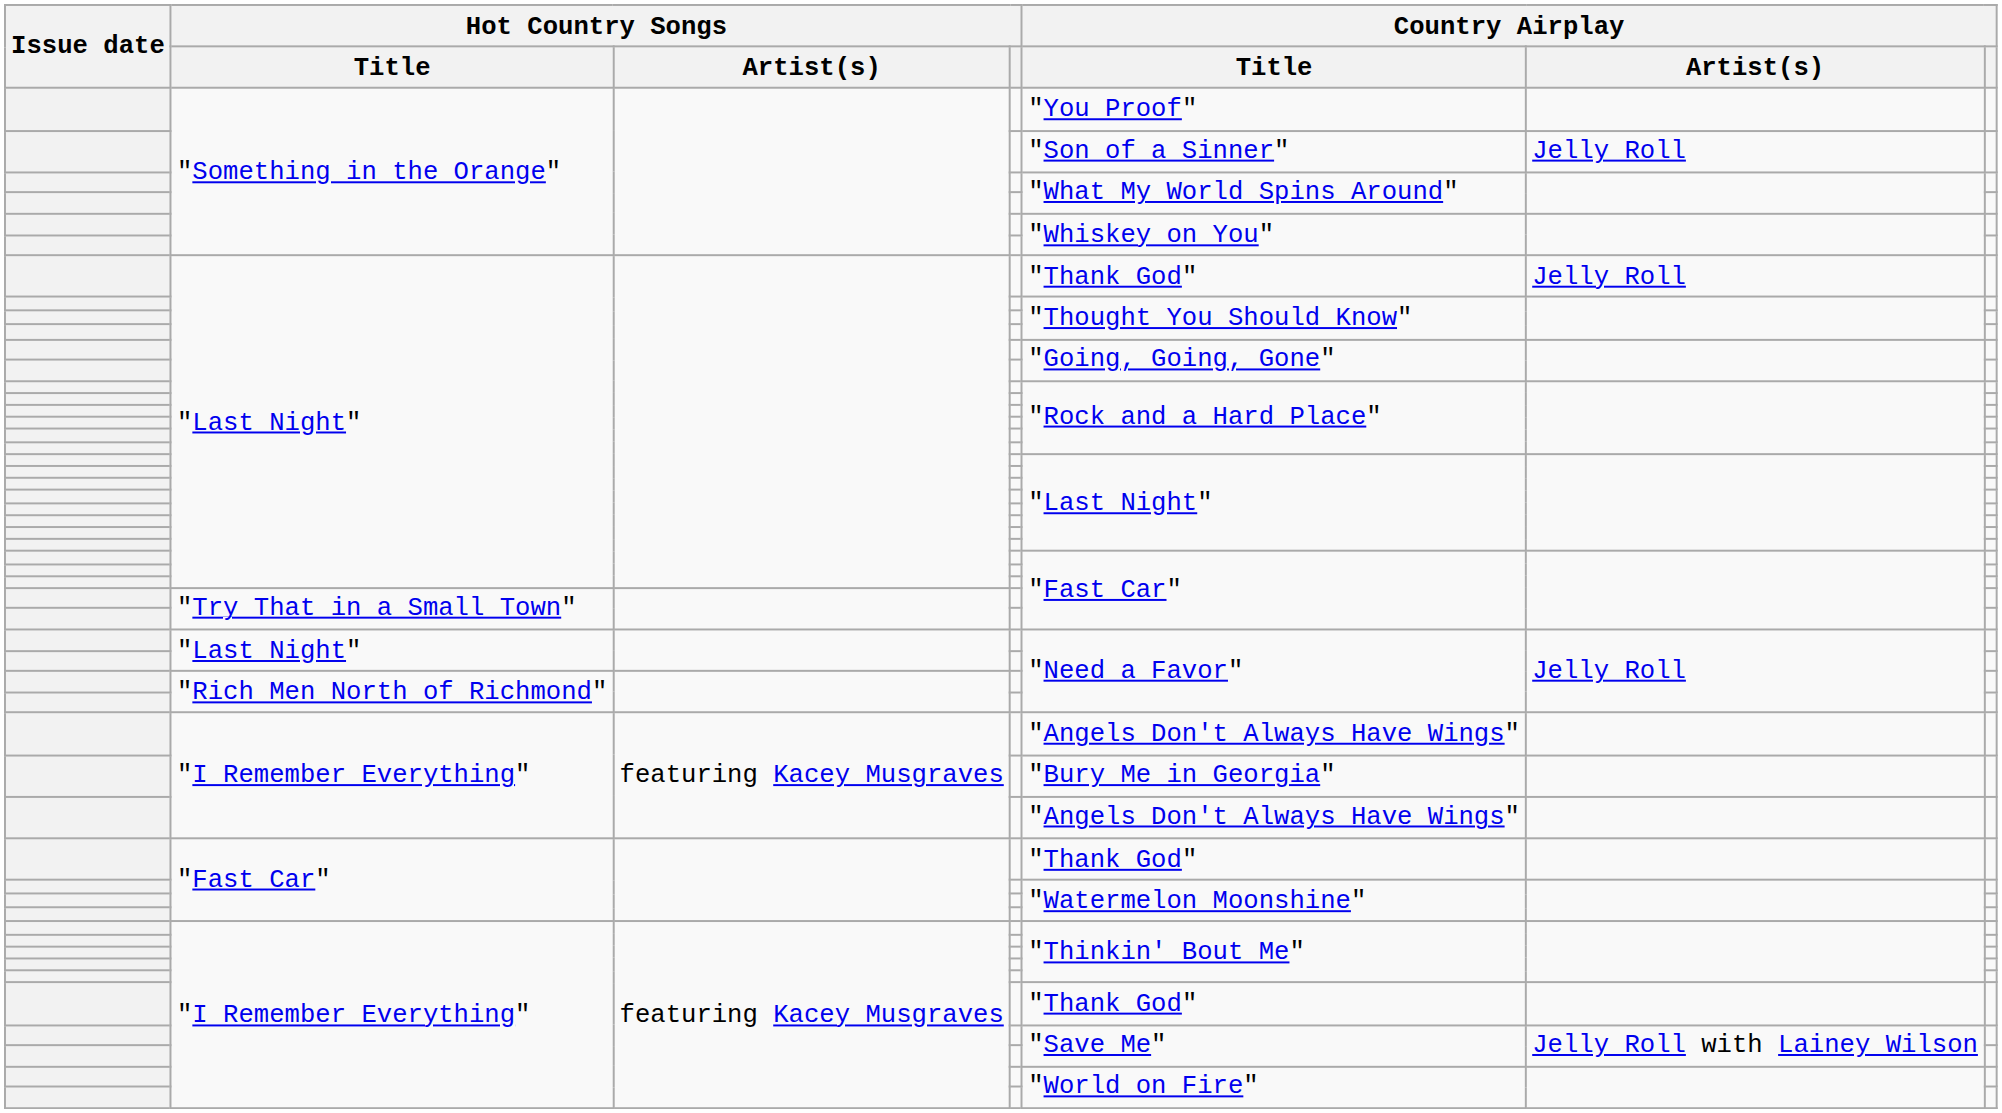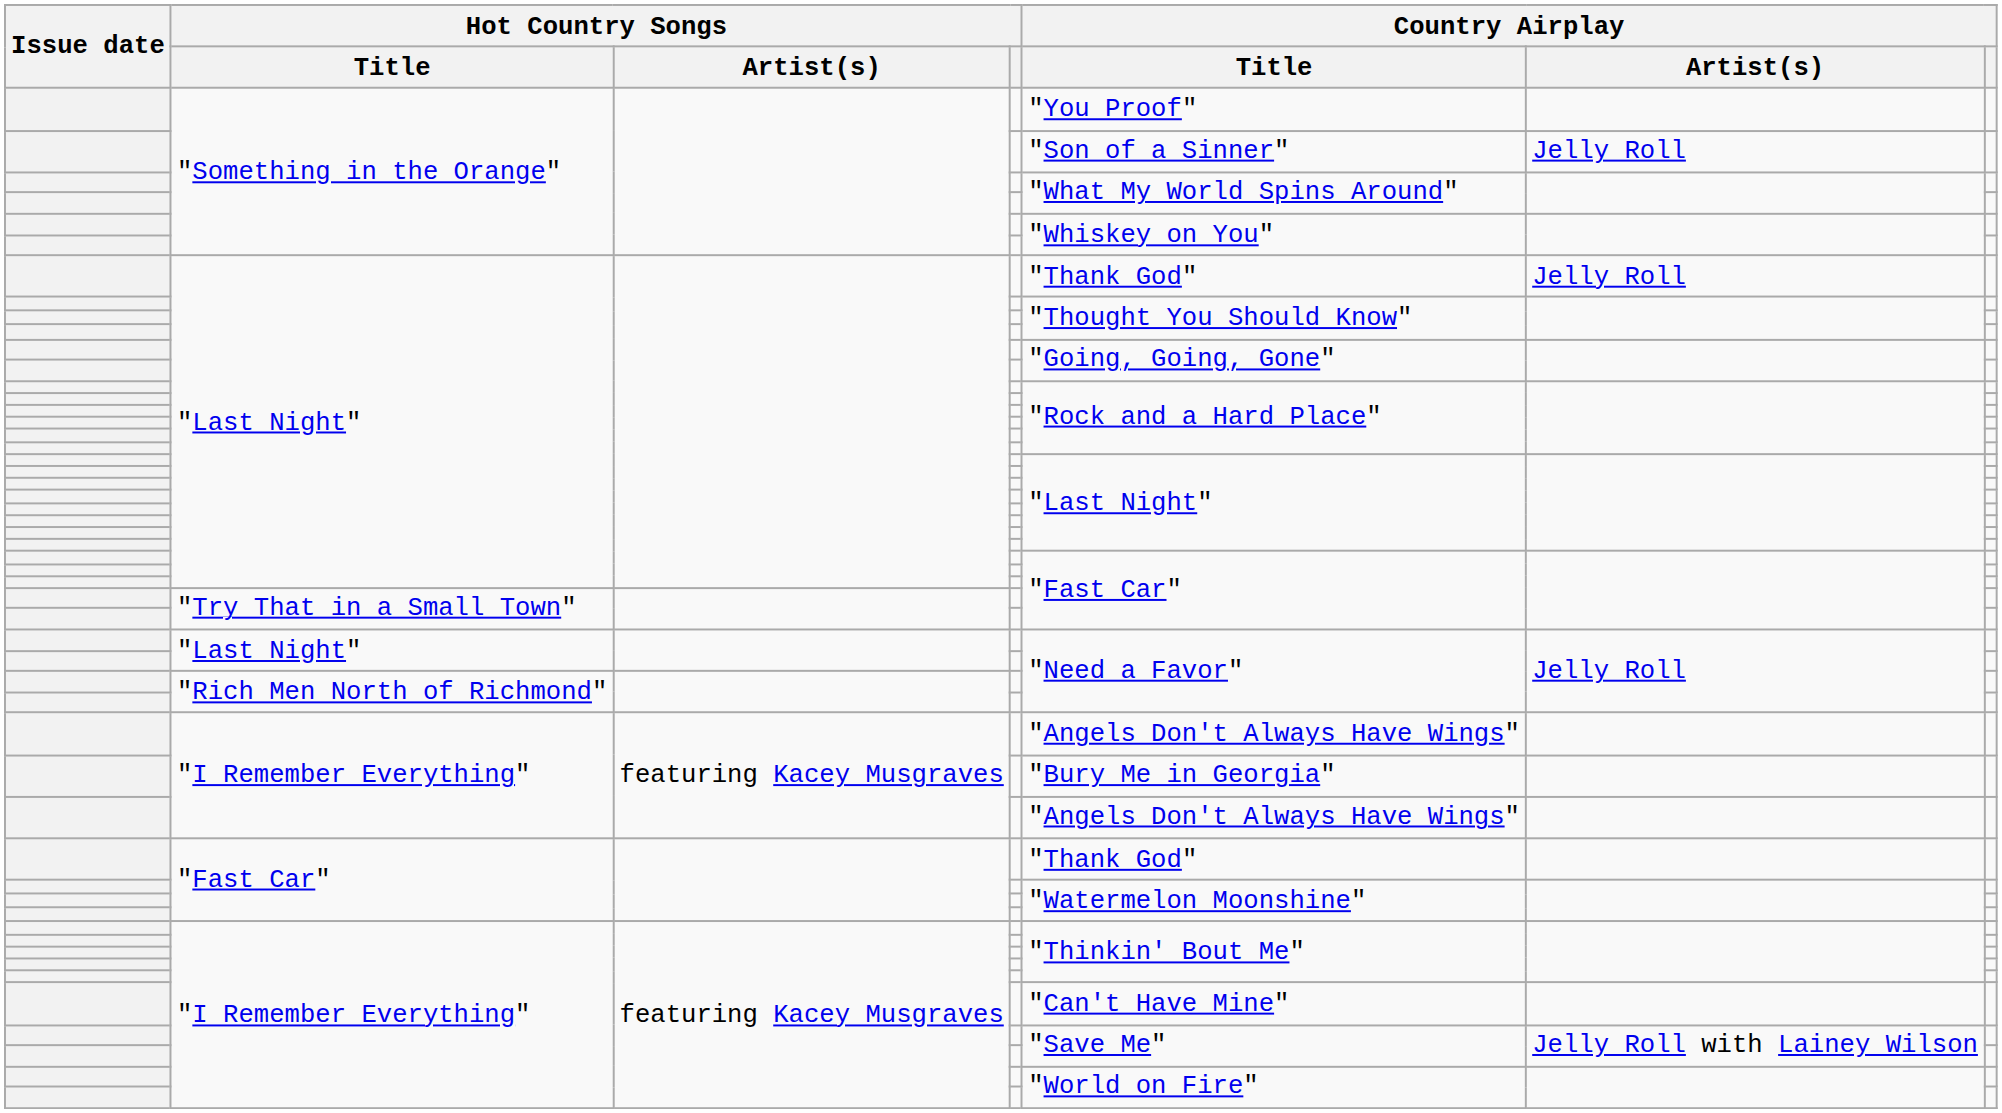 <table class="wikitable sortable plainrowheaders">
 <tr>
 <th scope=col rowspan=2>Issue date</th>
 <th scope=col colspan=3>Hot Country Songs</th>
 <th scope=col colspan=3>Country Airplay</th>
 </tr>
 <tr>
 <th scope=col>Title</th>
 <th scope=col>Artist(s)</th>
 <th scope=col class=unsortable></th>
 <th scope=col>Title</th>
 <th scope=col>Artist(s)</th>
 <th scope=col class=unsortable></th>
 </tr>
 <tr>
 <th scope="row"></th>
 <td rowspan=6>"<a href='#'>Something in the Orange</a>"</td>
 <td rowspan=6></td>
 <td align=center></td>
 <td>"<a href='#'>You Proof</a>"</td>
 <td></td>
 <td align=center></td>
 </tr>
 <tr>
 <th scope="row"></th>
 <td align=center></td>
 <td>"<a href='#'>Son of a Sinner</a>"</td>
 <td><a href='#'>Jelly Roll</a></td>
 <td align=center></td>
 </tr>
 <tr>
 <th scope="row"></th>
 <td align=center></td>
 <td rowspan=2>"<a href='#'>What My World Spins Around</a>"</td>
 <td rowspan=2></td>
 <td align=center></td>
 </tr>
 <tr>
 <th scope="row"></th>
 <td align=center></td>
 <td align=center></td>
 </tr>
 <tr>
 <th scope="row"></th>
 <td align=center></td>
 <td rowspan=2>"<a href='#'>Whiskey on You</a>"</td>
 <td rowspan=2></td>
 <td align=center></td>
 </tr>
 <tr>
 <th scope="row"></th>
 <td align=center></td>
 <td align=center></td>
 </tr>
 <tr>
 <th scope="row"></th>
 <td rowspan=23>"<a href='#'>Last Night</a>"</td>
 <td rowspan=23></td>
 <td align=center></td>
 <td>"<a href='#'>Thank God</a>"</td>
 <td><a href='#'>Jelly Roll</a></td>
 <td align=center></td>
 </tr>
 <tr>
 <th scope="row"></th>
 <td align=center></td>
 <td rowspan=3>"<a href='#'>Thought You Should Know</a>"</td>
 <td rowspan=3></td>
 <td align=center></td>
 </tr>
 <tr>
 <th scope="row"></th>
 <td align=center></td>
 <td align=center></td>
 </tr>
 <tr>
 <th scope="row"></th>
 <td align=center></td>
 <td align=center></td>
 </tr>
 <tr>
 <th scope="row"></th>
 <td align=center></td>
 <td rowspan=2>"<a href='#'>Going, Going, Gone</a>"</td>
 <td rowspan=2></td>
 <td align=center></td>
 </tr>
 <tr>
 <th scope="row"></th>
 <td align=center></td>
 <td align=center></td>
 </tr>
 <tr>
 <th scope="row"></th>
 <td align=center></td>
 <td rowspan=6>"<a href='#'>Rock and a Hard Place</a>"</td>
 <td rowspan=6></td>
 <td align=center></td>
 </tr>
 <tr>
 <th scope="row"></th>
 <td align=center></td>
 <td align=center></td>
 </tr>
 <tr>
 <th scope="row"></th>
 <td align=center></td>
 <td align=center></td>
 </tr>
 <tr>
 <th scope="row"></th>
 <td align=center></td>
 <td align=center></td>
 </tr>
 <tr>
 <th scope="row"></th>
 <td align=center></td>
 <td align=center></td>
 </tr>
 <tr>
 <th scope="row"></th>
 <td align=center></td>
 <td align=center></td>
 </tr>
 <tr>
 <th scope="row"></th>
 <td align=center></td>
 <td rowspan=8>"<a href='#'>Last Night</a>"</td>
 <td rowspan=8></td>
 <td align=center></td>
 </tr>
 <tr>
 <th scope="row"></th>
 <td align=center></td>
 <td align=center></td>
 </tr>
 <tr>
 <th scope="row"></th>
 <td align=center></td>
 <td align=center></td>
 </tr>
 <tr>
 <th scope="row"></th>
 <td align=center></td>
 <td align=center></td>
 </tr>
 <tr>
 <th scope="row"></th>
 <td align=center></td>
 <td align=center></td>
 </tr>
 <tr>
 <th scope="row"></th>
 <td align=center></td>
 <td align=center></td>
 </tr>
 <tr>
 <th scope="row"></th>
 <td align=center></td>
 <td align=center></td>
 </tr>
 <tr>
 <th scope="row"></th>
 <td align=center></td>
 <td align=center></td>
 </tr>
 <tr>
 <th scope="row"></th>
 <td align=center></td>
 <td rowspan="5">"<a href='#'>Fast Car</a>"</td>
 <td rowspan="5"></td>
 <td align=center></td>
 </tr>
 <tr>
 <th scope="row"></th>
 <td align=center></td>
 <td align=center></td>
 </tr>
 <tr>
 <th scope="row"></th>
 <td align=center></td>
 <td align=center></td>
 </tr>
 <tr>
 <th scope="row"></th>
 <td rowspan=2>"<a href='#'>Try That in a Small Town</a>"</td>
 <td rowspan=2></td>
 <td align=center></td>
 <td align=center></td>
 </tr>
 <tr>
 <th scope="row"></th>
 <td align=center></td>
 <td align=center></td>
 </tr>
 <tr>
 <th scope="row"></th>
 <td rowspan=2>"<a href='#'>Last Night</a>"</td>
 <td rowspan=2></td>
 <td align=center></td>
 <td rowspan=4>"<a href='#'>Need a Favor</a>"</td>
 <td rowspan=4><a href='#'>Jelly Roll</a></td>
 <td align=center></td>
 </tr>
 <tr>
 <th scope="row"></th>
 <td align=center></td>
 <td align=center></td>
 </tr>
 <tr>
 <th scope="row"></th>
 <td rowspan=2>"<a href='#'>Rich Men North of Richmond</a>"</td>
 <td rowspan=2></td>
 <td align=center></td>
 <td align=center></td>
 </tr>
 <tr>
 <th scope="row"></th>
 <td align=center></td>
 <td align=center></td>
 </tr>
 <tr>
 <th scope="row"></th>
 <td rowspan=3>"<a href='#'>I Remember Everything</a>"</td>
 <td rowspan=3> featuring <a href='#'>Kacey Musgraves</a></td>
 <td align=center></td>
 <td>"<a href='#'>Angels Don't Always Have Wings</a>"</td>
 <td></td>
 <td align=center></td>
 </tr>
 <tr>
 <th scope="row"></th>
 <td align=center></td>
 <td>"<a href='#'>Bury Me in Georgia</a>"</td>
 <td></td>
 <td align=center></td>
 </tr>
 <tr>
 <th scope="row"></th>
 <td align=center></td>
 <td>"<a href='#'>Angels Don't Always Have Wings</a>"</td>
 <td></td>
 <td align=center></td>
 </tr>
 <tr>
 <th scope="row"></th>
 <td rowspan=4>"<a href='#'>Fast Car</a>"</td>
 <td rowspan=4></td>
 <td align=center></td>
 <td>"<a href='#'>Thank God</a>"</td>
 <td></td>
 <td align=center></td>
 </tr>
 <tr>
 <th scope="row"></th>
 <td align=center></td>
 <td rowspan=3>"<a href='#'>Watermelon Moonshine</a>"</td>
 <td rowspan=3></td>
 <td align=center></td>
 </tr>
 <tr>
 <th scope="row"></th>
 <td align=center></td>
 <td align=center></td>
 </tr>
 <tr>
 <th scope="row"></th>
 <td align=center></td>
 <td align=center></td>
 </tr>
 <tr>
 <th scope="row"></th>
 <td rowspan=10>"<a href='#'>I Remember Everything</a>"</td>
 <td rowspan=10> featuring <a href='#'>Kacey Musgraves</a></td>
 <td align=center></td>
 <td rowspan=5>"<a href='#'>Thinkin' Bout Me</a>"</td>
 <td rowspan=5></td>
 <td align=center></td>
 </tr>
 <tr>
 <th scope="row"></th>
 <td align=center></td>
 <td align=center></td>
 </tr>
 <tr>
 <th scope="row"></th>
 <td align=center></td>
 <td align=center></td>
 </tr>
 <tr>
 <th scope="row"></th>
 <td align=center></td>
 <td align=center></td>
 </tr>
 <tr>
 <th scope="row"></th>
 <td align=center></td>
 <td align=center></td>
 </tr>
 <tr>
 <th scope="row"></th>
 <td align=center></td>
-<td>"<a href='#'>Thank God</a>"</td>
+<td>"<a href='#'>Can't Have Mine</a>"</td>
 <td></td>
 <td align=center></td>
 </tr>
 <tr>
 <th scope="row"></th>
 <td align=center></td>
 <td rowspan=2>"<a href='#'>Save Me</a>"</td>
 <td rowspan=2><a href='#'>Jelly Roll</a> with <a href='#'>Lainey Wilson</a></td>
 <td align=center></td>
 </tr>
 <tr>
 <th scope="row"></th>
 <td align=center></td>
 <td align=center></td>
 </tr>
 <tr>
 <th scope="row"></th>
 <td align=center></td>
 <td rowspan=2>"<a href='#'>World on Fire</a>"</td>
 <td rowspan=2></td>
 <td align=center></td>
 </tr>
 <tr>
 <th scope="row"></th>
 <td align=center></td>
 <td align=center></td>
 </tr>
 </table>
